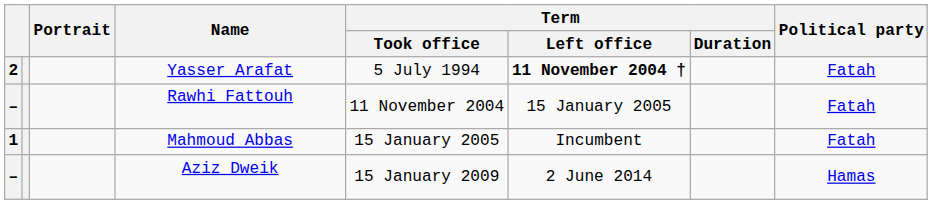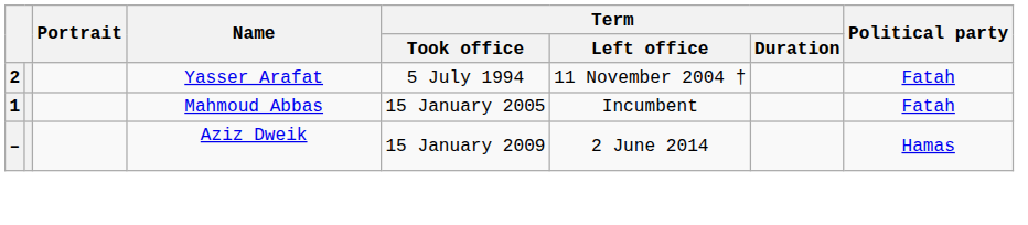 <table class="wikitable" style="text-align:center">
 <tr>
 <th rowspan=2 colspan=2></th>
 <th rowspan=2>Portrait</th>
 <th rowspan=2 width=180>Name<br></th>
 <th colspan=3>Term</th>
 <th rowspan=2>Political party</th>
 </tr>
 <tr>
 <th>Took office</th>
 <th>Left office</th>
 <th>Duration</th>
 </tr>
 <tr>
 <th>2</th>
 <th style="background:"></th>
 <td></td>
 <td><a href='#'>Yasser Arafat</a><br></td>
 <td>5 July 1994</td>
-<td><strong>11 November 2004 †</strong></td>
-<td></td>
-<td><a href='#'>Fatah</a><br></td>
-</tr>
-<tr>
-<th>–</th>
-<th style="background:"></th>
-<td></td>
-<td><a href='#'>Rawhi Fattouh</a><br><br></td>
-<td>11 November 2004</td>
-<td>15 January 2005</td>
+<td>11 November 2004 †</td>
 <td></td>
 <td><a href='#'>Fatah</a><br></td>
 </tr>
 <tr>
 <th>1</th>
 <th style="background:"></th>
 <td></td>
 <td><a href='#'>Mahmoud Abbas</a><br></td>
 <td>15 January 2005</td>
 <td>Incumbent</td>
 <td></td>
 <td><a href='#'>Fatah</a><br></td>
 </tr>
 <tr>
 <th>–</th>
 <th style="background:"></th>
 <td></td>
 <td><a href='#'>Aziz Dweik</a><br><br></td>
 <td>15 January 2009</td>
 <td>2 June 2014</td>
 <td></td>
 <td><a href='#'>Hamas</a></td>
 </tr>
 </table>
